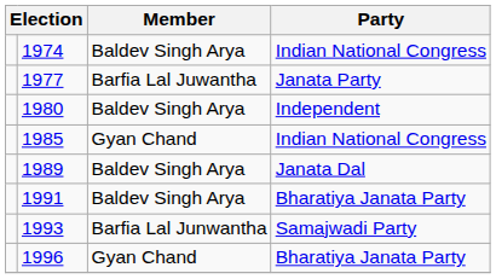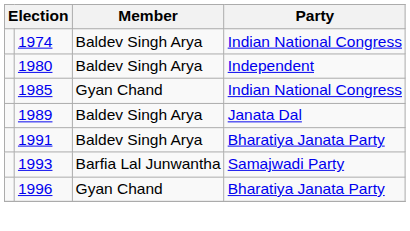 <table class="wikitable sortable">
 <tr>
 <th colspan="2">Election</th>
 <th>Member</th>
 <th>Party</th>
 </tr>
 <tr>
 <td style="background-color: "></td>
 <td><a href='#'>1974</a></td>
 <td>Baldev Singh Arya</td>
 <td><a href='#'>Indian National Congress</a></td>
-</tr>
-<tr>
-<td style="background-color: "></td>
-<td><a href='#'>1977</a></td>
-<td>Barfia Lal Juwantha</td>
-<td><a href='#'>Janata Party</a></td>
 </tr>
 <tr>
 <td style="background-color: "></td>
 <td><a href='#'>1980</a></td>
 <td>Baldev Singh Arya</td>
 <td><a href='#'>Independent</a></td>
 </tr>
 <tr>
 <td style="background-color: "></td>
 <td><a href='#'>1985</a></td>
 <td>Gyan Chand</td>
 <td><a href='#'>Indian National Congress</a></td>
 </tr>
 <tr>
 <td style="background-color: "></td>
 <td><a href='#'>1989</a></td>
 <td>Baldev Singh Arya</td>
 <td><a href='#'>Janata Dal</a></td>
 </tr>
 <tr>
 <td style="background-color: "></td>
 <td><a href='#'>1991</a></td>
 <td>Baldev Singh Arya</td>
 <td><a href='#'>Bharatiya Janata Party</a></td>
 </tr>
 <tr>
 <td style="background-color: "></td>
 <td><a href='#'>1993</a></td>
 <td>Barfia Lal Junwantha</td>
 <td><a href='#'>Samajwadi Party</a></td>
 </tr>
 <tr>
 <td style="background-color: "></td>
 <td><a href='#'>1996</a></td>
 <td>Gyan Chand</td>
 <td><a href='#'>Bharatiya Janata Party</a></td>
 </tr>
 <tr>
 </tr>
 </table>
